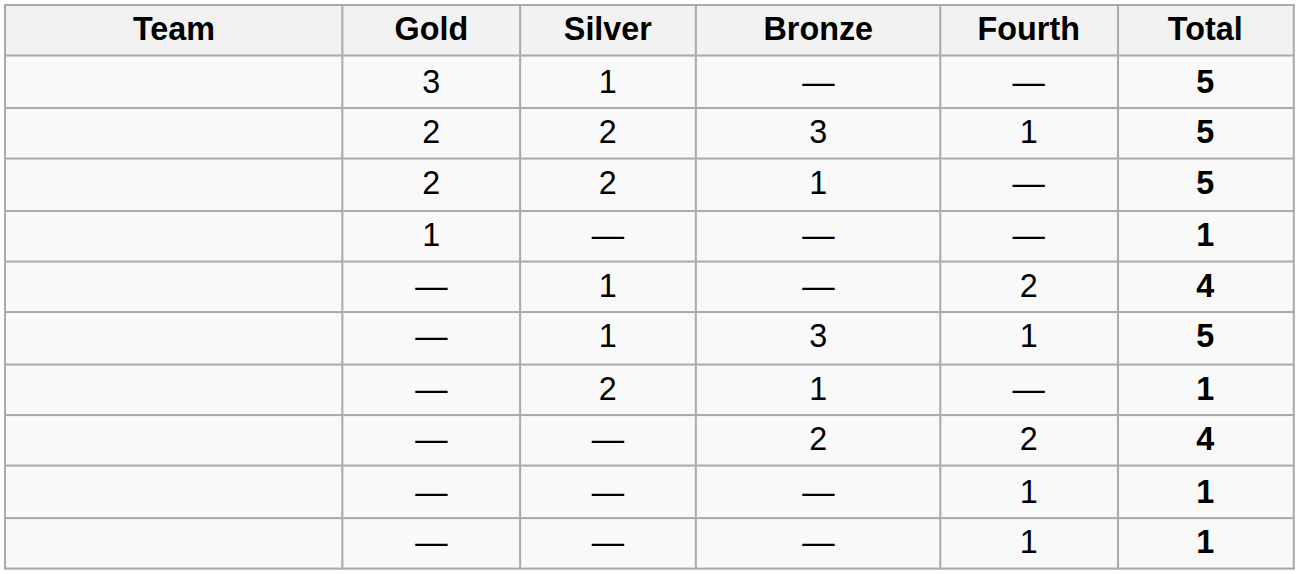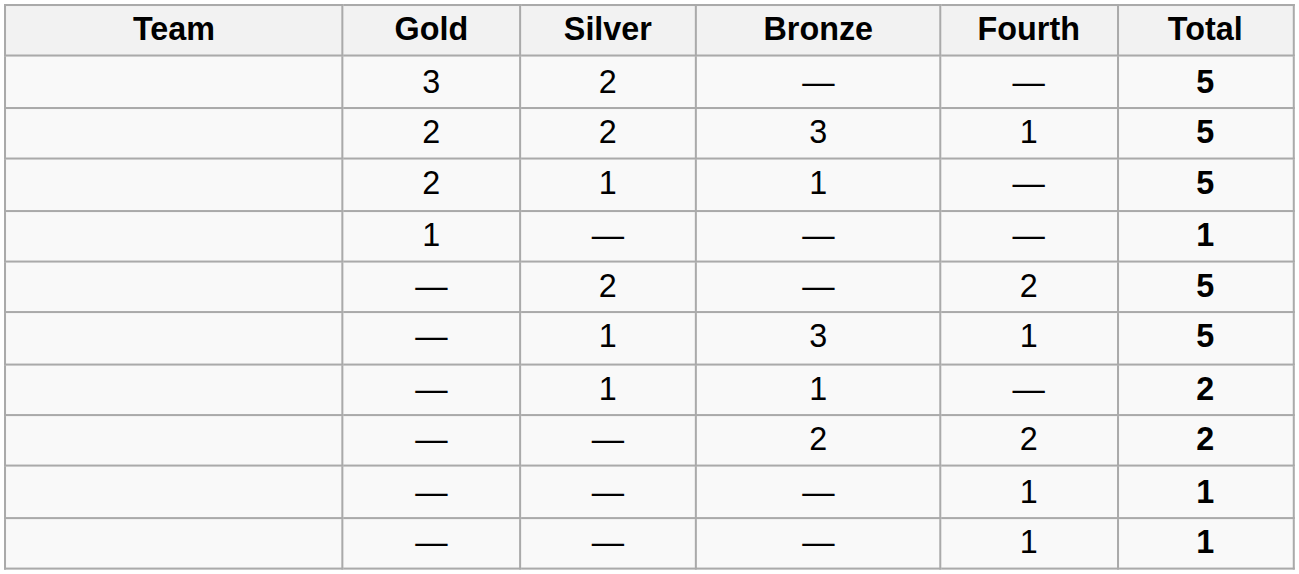 <table class="wikitable sortable" style="text-align:center;">
 <tr>
 <th style="width:10em;">Team</th>
 <th style="width:5em;"> Gold</th>
 <th style="width:5em;"> Silver</th>
 <th style="width:7.5em; padding:0;"> Bronze</th>
 <th style="width:5em;">Fourth</th>
 <th style="width:5em;">Total </th>
 </tr>
 <tr>
 <td align="left"></td>
 <td>3</td>
-<td>1</td>
+<td>2</td>
 <td>—</td>
 <td>—</td>
 <td><strong>5</strong></td>
 </tr>
 <tr>
 <td align="left"></td>
 <td>2</td>
 <td>2</td>
 <td>3</td>
 <td>1</td>
 <td><strong>5</strong></td>
 </tr>
 <tr>
 <td align="left"><strong></strong></td>
 <td>2</td>
-<td>2</td>
+<td>1</td>
 <td>1</td>
 <td>—</td>
 <td><strong>5</strong></td>
 </tr>
 <tr>
 <td align="left"></td>
 <td>1</td>
 <td>—</td>
 <td>—</td>
 <td>—</td>
 <td><strong>1</strong></td>
 </tr>
 <tr>
 <td align="left"></td>
 <td>—</td>
-<td>1</td>
+<td>2</td>
 <td>—</td>
 <td>2</td>
-<td><strong>4</strong></td>
+<td><strong>5</strong></td>
 </tr>
 <tr>
 <td align="left"></td>
 <td>—</td>
 <td>1</td>
 <td>3</td>
 <td>1</td>
 <td><strong>5</strong></td>
 </tr>
 <tr>
 <td align="left"></td>
 <td>—</td>
-<td>2</td>
+<td>1</td>
 <td>1</td>
 <td>—</td>
-<td><strong>1</strong></td>
+<td><strong>2</strong></td>
 </tr>
 <tr>
 <td align="left"></td>
 <td>—</td>
 <td>—</td>
 <td>2</td>
 <td>2</td>
-<td><strong>4</strong></td>
+<td><strong>2</strong></td>
 </tr>
 <tr>
 <td align="left"></td>
 <td>—</td>
 <td>—</td>
 <td>—</td>
 <td>1</td>
 <td><strong>1</strong></td>
 </tr>
 <tr>
 <td align="left"></td>
 <td>—</td>
 <td>—</td>
 <td>—</td>
 <td>1</td>
 <td><strong>1</strong></td>
 </tr>
 </table>
